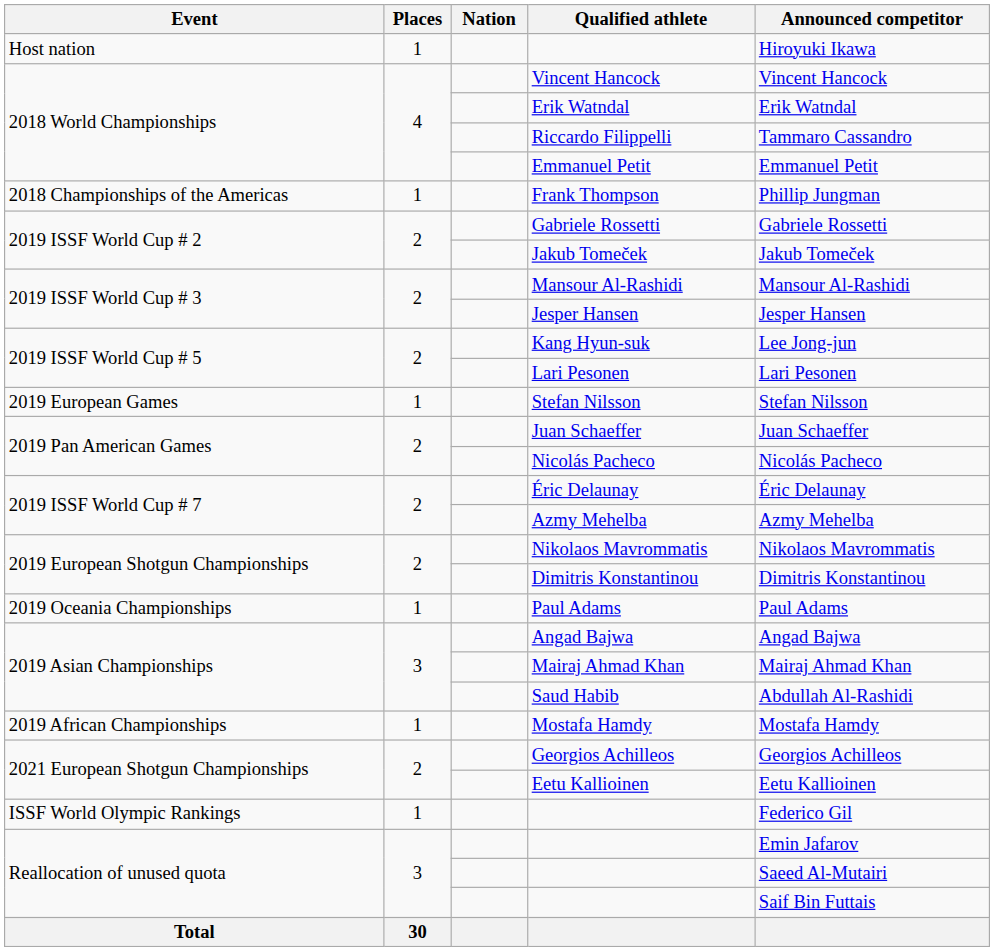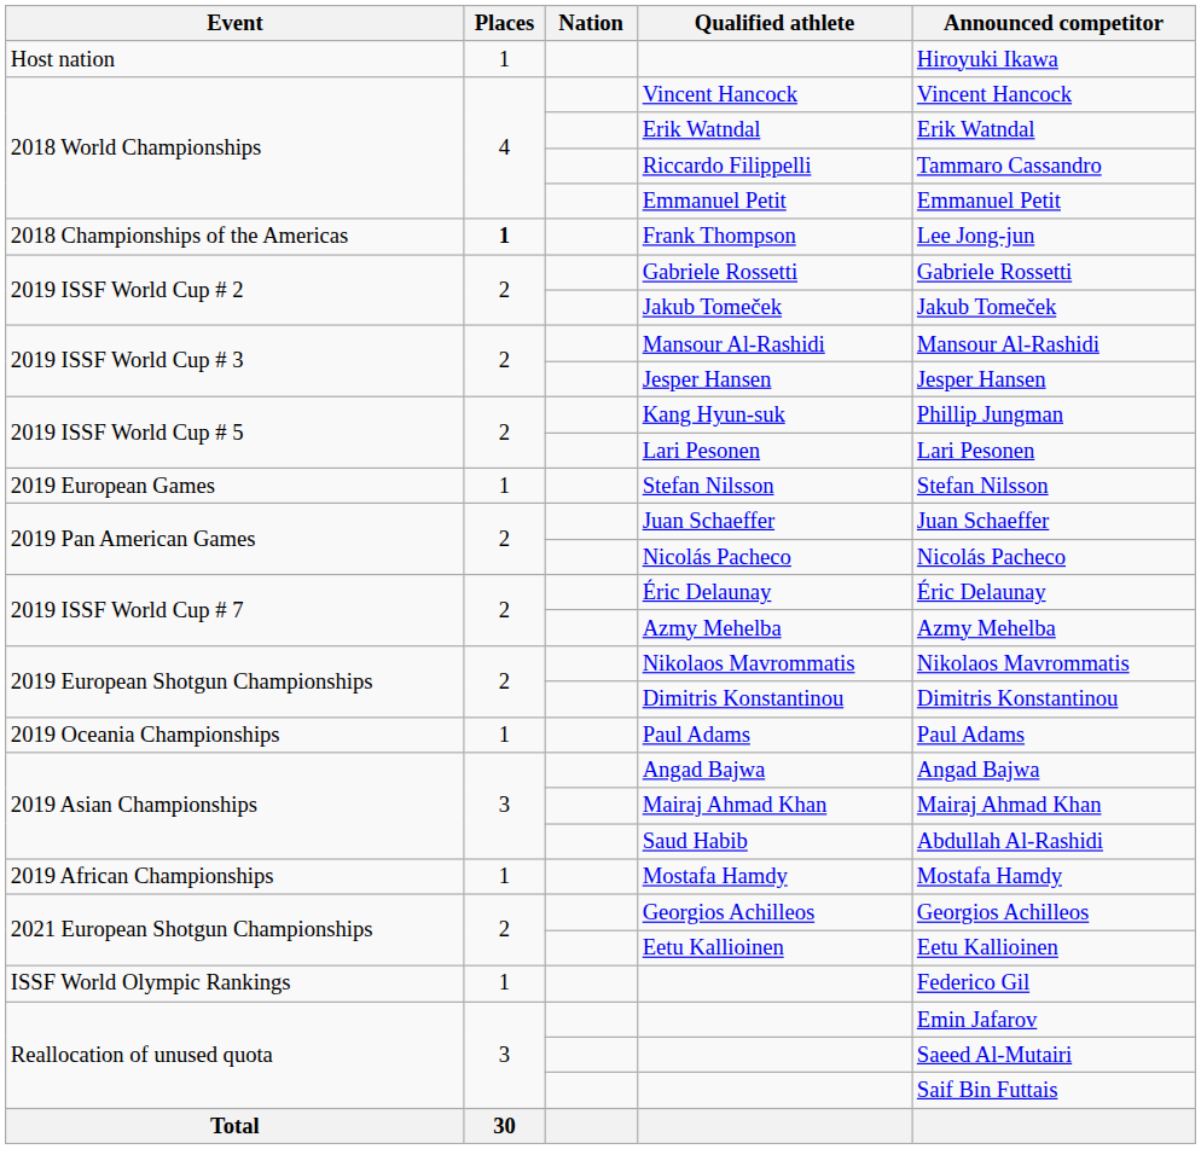 <table class=wikitable style="text-align:left" width=850>
 <tr>
 <th>Event</th>
 <th width=50>Places</th>
 <th>Nation</th>
 <th>Qualified athlete</th>
 <th>Announced competitor</th>
 </tr>
 <tr>
 <td>Host nation</td>
 <td align=center>1</td>
 <td></td>
 <td></td>
 <td><a href='#'>Hiroyuki Ikawa</a></td>
 </tr>
 <tr>
 <td rowspan="4">2018 World Championships</td>
 <td rowspan=4 align=center>4</td>
 <td></td>
 <td><a href='#'>Vincent Hancock</a></td>
 <td><a href='#'>Vincent Hancock</a></td>
 </tr>
 <tr>
 <td></td>
 <td><a href='#'>Erik Watndal</a></td>
 <td><a href='#'>Erik Watndal</a></td>
 </tr>
 <tr>
 <td></td>
 <td><a href='#'>Riccardo Filippelli</a></td>
 <td><a href='#'>Tammaro Cassandro</a></td>
 </tr>
 <tr>
 <td></td>
 <td><a href='#'>Emmanuel Petit</a></td>
 <td><a href='#'>Emmanuel Petit</a></td>
 </tr>
 <tr>
 <td>2018 Championships of the Americas</td>
-<td align=center>1</td>
+<td align=center><strong>1</strong></td>
 <td></td>
 <td><a href='#'>Frank Thompson</a></td>
-<td><a href='#'>Phillip Jungman</a></td>
+<td><a href='#'>Lee Jong-jun</a></td>
 </tr>
 <tr>
 <td rowspan="2">2019 ISSF World Cup # 2</td>
 <td rowspan=2 align=center>2</td>
 <td></td>
 <td><a href='#'>Gabriele Rossetti</a></td>
 <td><a href='#'>Gabriele Rossetti</a></td>
 </tr>
 <tr>
 <td></td>
 <td><a href='#'>Jakub Tomeček</a></td>
 <td><a href='#'>Jakub Tomeček</a></td>
 </tr>
 <tr>
 <td rowspan="2">2019 ISSF World Cup # 3</td>
 <td rowspan=2 align=center>2</td>
 <td></td>
 <td><a href='#'>Mansour Al-Rashidi</a></td>
 <td><a href='#'>Mansour Al-Rashidi</a></td>
 </tr>
 <tr>
 <td></td>
 <td><a href='#'>Jesper Hansen</a></td>
 <td><a href='#'>Jesper Hansen</a></td>
 </tr>
 <tr>
 <td rowspan="2">2019 ISSF World Cup # 5</td>
 <td rowspan=2 align=center>2</td>
 <td></td>
 <td><a href='#'>Kang Hyun-suk</a></td>
-<td><a href='#'>Lee Jong-jun</a></td>
+<td><a href='#'>Phillip Jungman</a></td>
 </tr>
 <tr>
 <td></td>
 <td><a href='#'>Lari Pesonen</a></td>
 <td><a href='#'>Lari Pesonen</a></td>
 </tr>
 <tr>
 <td>2019 European Games</td>
 <td align=center>1</td>
 <td></td>
 <td><a href='#'>Stefan Nilsson</a></td>
 <td><a href='#'>Stefan Nilsson</a></td>
 </tr>
 <tr>
 <td rowspan="2">2019 Pan American Games</td>
 <td rowspan=2 align=center>2</td>
 <td></td>
 <td><a href='#'>Juan Schaeffer</a></td>
 <td><a href='#'>Juan Schaeffer</a></td>
 </tr>
 <tr>
 <td></td>
 <td><a href='#'>Nicolás Pacheco</a></td>
 <td><a href='#'>Nicolás Pacheco</a></td>
 </tr>
 <tr>
 <td rowspan="2">2019 ISSF World Cup # 7</td>
 <td rowspan=2 align=center>2</td>
 <td></td>
 <td><a href='#'>Éric Delaunay</a></td>
 <td><a href='#'>Éric Delaunay</a></td>
 </tr>
 <tr>
 <td></td>
 <td><a href='#'>Azmy Mehelba</a></td>
 <td><a href='#'>Azmy Mehelba</a></td>
 </tr>
 <tr>
 <td rowspan="2">2019 European Shotgun Championships</td>
 <td rowspan=2 align=center>2</td>
 <td></td>
 <td><a href='#'>Nikolaos Mavrommatis</a></td>
 <td><a href='#'>Nikolaos Mavrommatis</a></td>
 </tr>
 <tr>
 <td></td>
 <td><a href='#'>Dimitris Konstantinou</a></td>
 <td><a href='#'>Dimitris Konstantinou</a></td>
 </tr>
 <tr>
 <td>2019 Oceania Championships</td>
 <td align=center>1</td>
 <td></td>
 <td><a href='#'>Paul Adams</a></td>
 <td><a href='#'>Paul Adams</a></td>
 </tr>
 <tr>
 <td rowspan=3>2019 Asian Championships</td>
 <td rowspan=3 align=center>3</td>
 <td></td>
 <td><a href='#'>Angad Bajwa</a></td>
 <td><a href='#'>Angad Bajwa</a></td>
 </tr>
 <tr>
 <td></td>
 <td><a href='#'>Mairaj Ahmad Khan</a></td>
 <td><a href='#'>Mairaj Ahmad Khan</a></td>
 </tr>
 <tr>
 <td></td>
 <td><a href='#'>Saud Habib</a></td>
 <td><a href='#'>Abdullah Al-Rashidi</a></td>
 </tr>
 <tr>
 <td>2019 African Championships</td>
 <td align=center>1</td>
 <td></td>
 <td><a href='#'>Mostafa Hamdy</a></td>
 <td><a href='#'>Mostafa Hamdy</a></td>
 </tr>
 <tr>
 <td rowspan=2>2021 European Shotgun Championships</td>
 <td rowspan=2 align=center>2</td>
 <td></td>
 <td><a href='#'>Georgios Achilleos</a></td>
 <td><a href='#'>Georgios Achilleos</a></td>
 </tr>
 <tr>
 <td></td>
 <td><a href='#'>Eetu Kallioinen</a></td>
 <td><a href='#'>Eetu Kallioinen</a></td>
 </tr>
 <tr>
 <td>ISSF World Olympic Rankings</td>
 <td align=center>1</td>
 <td></td>
 <td></td>
 <td><a href='#'>Federico Gil</a></td>
 </tr>
 <tr>
 <td rowspan="3">Reallocation of unused quota</td>
 <td rowspan="3" align="center">3</td>
 <td></td>
 <td></td>
 <td><a href='#'>Emin Jafarov</a></td>
 </tr>
 <tr>
 <td></td>
 <td></td>
 <td><a href='#'>Saeed Al-Mutairi</a></td>
 </tr>
 <tr>
 <td></td>
 <td></td>
 <td><a href='#'>Saif Bin Futtais</a><br></td>
 </tr>
 <tr>
 <th>Total</th>
 <th>30</th>
 <th></th>
 <th></th>
 <th></th>
 </tr>
 </table>
